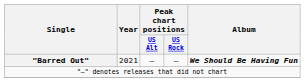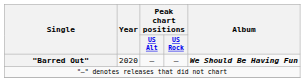 <table class="wikitable plainrowheaders" style="text-align:center;">
 <tr>
 <th rowspan="2" style="width:14em;">Single</th>
 <th rowspan="2">Year</th>
 <th colspan="2">Peak chart positions</th>
 <th rowspan="2">Album</th>
 </tr>
 <tr style="font-size:smaller;">
 <th style="width:35px;"><a href='#'>US<br>Alt</a><br></th>
 <th style="width:35px;"><a href='#'>US<br>Rock</a><br></th>
 </tr>
 <tr>
 <th scope="row">"Barred Out"<br></th>
-<td rowspan="1">2021</td>
+<td rowspan="1">2020</td>
 <td>—</td>
 <td>—</td>
 <td rowspan="1"><strong><em>We Should Be Having Fun</em></strong></td>
 </tr>
 <tr>
 <td colspan="14" style="font-size:8pt">"—" denotes releases that did not chart</td>
 </tr>
 <tr>
 </tr>
 </table>
